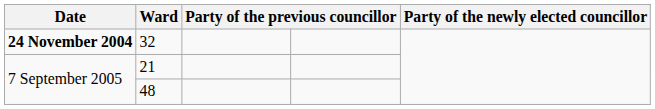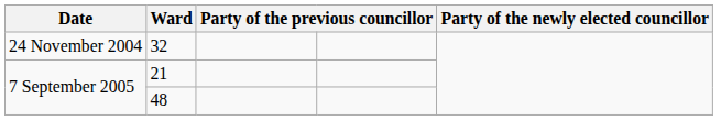 <table class="wikitable">
 <tr>
 <th>Date</th>
 <th>Ward</th>
 <th colspan=2>Party of the previous councillor</th>
 <th colspan=2>Party of the newly elected councillor</th>
 </tr>
 <tr>
-<td><strong>24 November 2004</strong></td>
+<td>24 November 2004</td>
 <td>32</td>
 <td></td>
 <td></td>
 </tr>
 <tr>
 <td rowspan=2>7 September 2005</td>
 <td>21</td>
 <td></td>
 <td></td>
 </tr>
 <tr>
 <td>48</td>
 <td></td>
 <td></td>
 </tr>
 </table>
